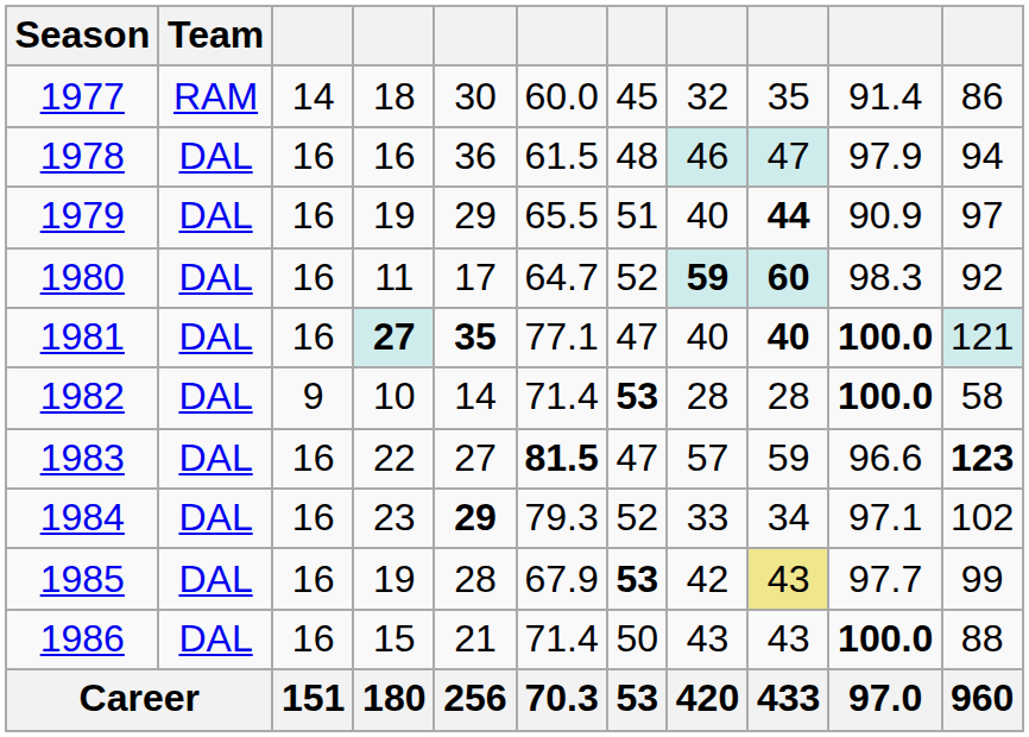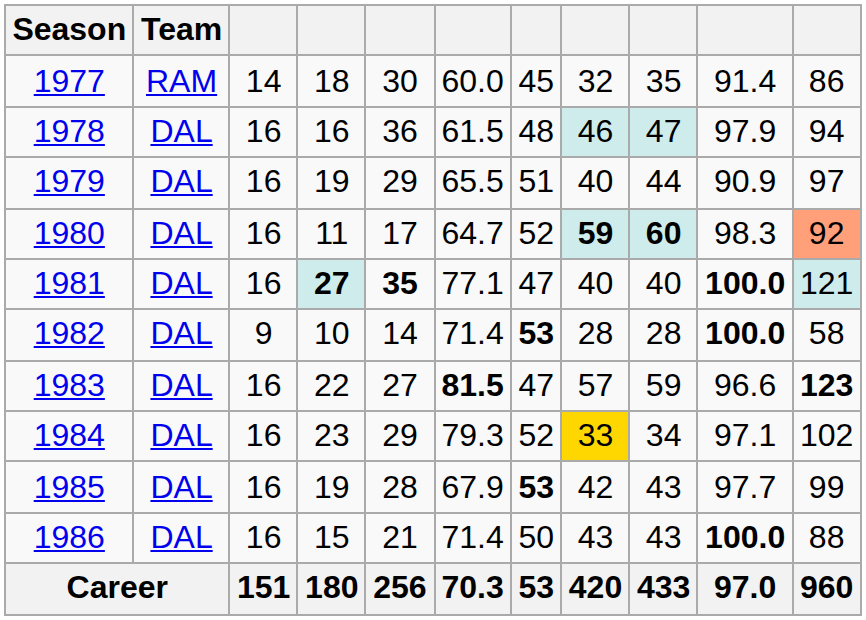 <table class="wikitable" style="text-align:center;">
 <tr>
 <th>Season</th>
 <th>Team</th>
 <th></th>
 <th></th>
 <th></th>
 <th></th>
 <th></th>
 <th></th>
 <th></th>
 <th></th>
 <th></th>
 </tr>
 <tr>
 <td><a href='#'>1977</a></td>
 <td><a href='#'>RAM</a></td>
 <td>14</td>
 <td>18</td>
 <td>30</td>
 <td>60.0</td>
 <td>45</td>
 <td>32</td>
 <td>35</td>
 <td>91.4</td>
 <td>86</td>
 </tr>
 <tr>
 <td><a href='#'>1978</a></td>
 <td><a href='#'>DAL</a></td>
 <td>16</td>
 <td>16</td>
 <td>36</td>
 <td>61.5</td>
 <td>48</td>
 <td style="background:#cfecec;">46</td>
 <td style="background:#cfecec;">47</td>
 <td>97.9</td>
 <td>94</td>
 </tr>
 <tr>
 <td><a href='#'>1979</a></td>
 <td><a href='#'>DAL</a></td>
 <td>16</td>
 <td>19</td>
 <td>29</td>
 <td>65.5</td>
 <td>51</td>
 <td>40</td>
-<td><strong>44</strong></td>
+<td>44</td>
 <td>90.9</td>
 <td>97</td>
 </tr>
 <tr>
 <td><a href='#'>1980</a></td>
 <td><a href='#'>DAL</a></td>
 <td>16</td>
 <td>11</td>
 <td>17</td>
 <td>64.7</td>
 <td>52</td>
 <td style="background:#cfecec;"><strong>59</strong></td>
 <td style="background:#cfecec;"><strong>60</strong></td>
 <td>98.3</td>
-<td>92</td>
+<td style="background: lightsalmon;">92</td>
 </tr>
 <tr>
 <td><a href='#'>1981</a></td>
 <td><a href='#'>DAL</a></td>
 <td>16</td>
 <td style="background:#cfecec;"><strong>27</strong></td>
 <td><strong>35</strong></td>
 <td>77.1</td>
 <td>47</td>
 <td>40</td>
-<td><strong>40</strong></td>
+<td>40</td>
 <td><strong>100.0</strong></td>
 <td style="background:#cfecec;">121</td>
 </tr>
 <tr>
 <td><a href='#'>1982</a></td>
 <td><a href='#'>DAL</a></td>
 <td>9</td>
 <td>10</td>
 <td>14</td>
 <td>71.4</td>
 <td><strong>53</strong></td>
 <td>28</td>
 <td>28</td>
 <td><strong>100.0</strong></td>
 <td>58</td>
 </tr>
 <tr>
 <td><a href='#'>1983</a></td>
 <td><a href='#'>DAL</a></td>
 <td>16</td>
 <td>22</td>
 <td>27</td>
 <td><strong>81.5</strong></td>
 <td>47</td>
 <td>57</td>
 <td>59</td>
 <td>96.6</td>
 <td><strong>123</strong></td>
 </tr>
 <tr>
 <td><a href='#'>1984</a></td>
 <td><a href='#'>DAL</a></td>
 <td>16</td>
 <td>23</td>
-<td><strong>29</strong></td>
+<td>29</td>
 <td>79.3</td>
 <td>52</td>
-<td>33</td>
+<td style="background: gold;">33</td>
 <td>34</td>
 <td>97.1</td>
 <td>102</td>
 </tr>
 <tr>
 <td><a href='#'>1985</a></td>
 <td><a href='#'>DAL</a></td>
 <td>16</td>
 <td>19</td>
 <td>28</td>
 <td>67.9</td>
 <td><strong>53</strong></td>
 <td>42</td>
-<td style="background: khaki;">43</td>
+<td>43</td>
 <td>97.7</td>
 <td>99</td>
 </tr>
 <tr>
 <td><a href='#'>1986</a></td>
 <td><a href='#'>DAL</a></td>
 <td>16</td>
 <td>15</td>
 <td>21</td>
 <td>71.4</td>
 <td>50</td>
 <td>43</td>
 <td>43</td>
 <td><strong>100.0</strong></td>
 <td>88</td>
 </tr>
 <tr>
 <th colspan="2">Career</th>
 <th>151</th>
 <th>180</th>
 <th>256</th>
 <th>70.3</th>
 <th>53</th>
 <th>420</th>
 <th>433</th>
 <th>97.0</th>
 <th>960</th>
 </tr>
 </table>
